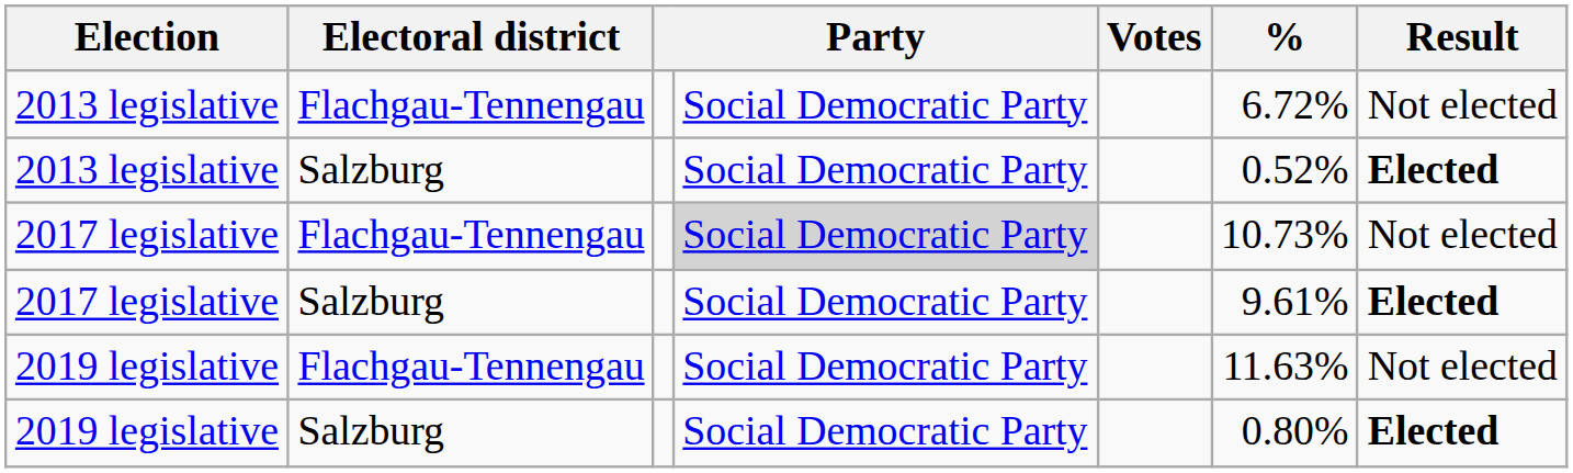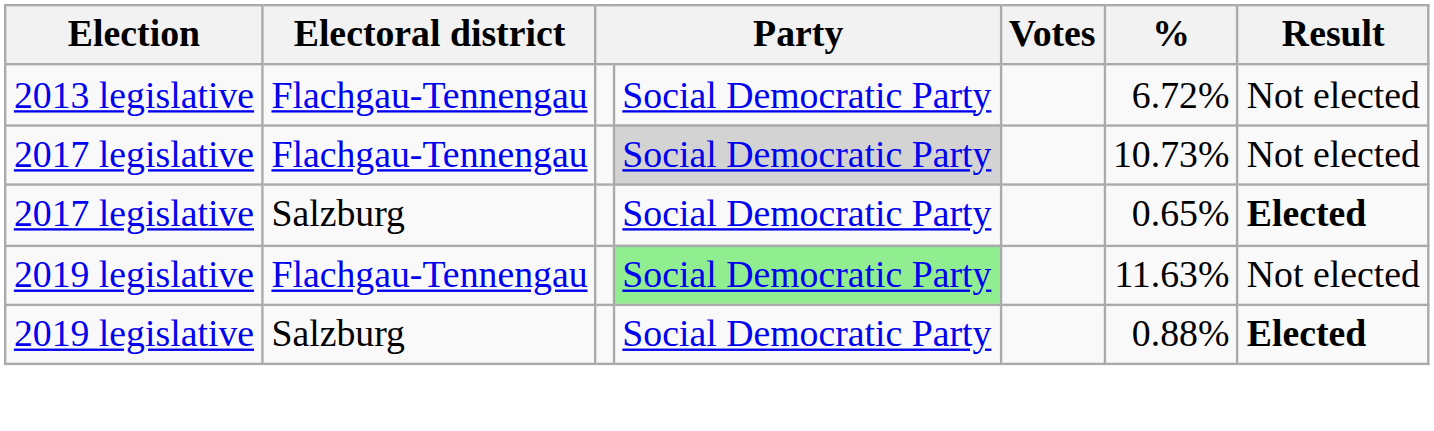 <table class="wikitable" style="text-align:left;">
 <tr>
 <th scope=col>Election</th>
 <th scope=col>Electoral district</th>
 <th scope=col colspan="2">Party</th>
 <th scope=col>Votes</th>
 <th scope=col>%</th>
 <th scope=col>Result</th>
 </tr>
 <tr>
 <td><a href='#'>2013 legislative</a></td>
 <td><a href='#'>Flachgau-Tennengau</a></td>
 <td style="background:"></td>
 <td><a href='#'>Social Democratic Party</a></td>
 <td align=right></td>
 <td align=right>6.72%</td>
 <td>Not elected</td>
 </tr>
 <tr>
-<td><a href='#'>2013 legislative</a></td>
-<td>Salzburg</td>
-<td style="background:"></td>
-<td><a href='#'>Social Democratic Party</a></td>
-<td align=right></td>
-<td align=right>0.52%</td>
-<td><strong>Elected</strong></td>
-</tr>
-<tr>
 <td><a href='#'>2017 legislative</a></td>
 <td><a href='#'>Flachgau-Tennengau</a></td>
 <td style="background:"></td>
 <td style="background: lightgrey;"><a href='#'>Social Democratic Party</a></td>
 <td align=right></td>
 <td align=right>10.73%</td>
 <td>Not elected</td>
 </tr>
 <tr>
 <td><a href='#'>2017 legislative</a></td>
 <td>Salzburg</td>
 <td style="background:"></td>
 <td><a href='#'>Social Democratic Party</a></td>
 <td align=right></td>
-<td align=right>9.61%</td>
+<td align=right>0.65%</td>
 <td><strong>Elected</strong></td>
 </tr>
 <tr>
 <td><a href='#'>2019 legislative</a></td>
 <td><a href='#'>Flachgau-Tennengau</a></td>
 <td style="background:"></td>
-<td><a href='#'>Social Democratic Party</a></td>
+<td style="background: lightgreen;"><a href='#'>Social Democratic Party</a></td>
 <td align=right></td>
 <td align=right>11.63%</td>
 <td>Not elected</td>
 </tr>
 <tr>
 <td><a href='#'>2019 legislative</a></td>
 <td>Salzburg</td>
 <td style="background:"></td>
 <td><a href='#'>Social Democratic Party</a></td>
 <td align=right></td>
-<td align=right>0.80%</td>
+<td align=right>0.88%</td>
 <td><strong>Elected</strong></td>
 </tr>
 </table>
